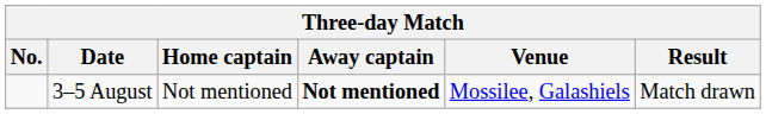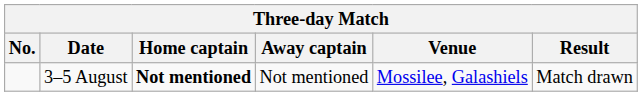 <table class="wikitable">
 <tr>
 <th colspan="9">Three-day Match</th>
 </tr>
 <tr>
 <th>No.</th>
 <th>Date</th>
 <th>Home captain</th>
 <th>Away captain</th>
 <th>Venue</th>
 <th>Result</th>
 </tr>
 <tr>
 <td></td>
 <td>3–5 August</td>
+<td><strong>Not mentioned</strong></td>
 <td>Not mentioned</td>
-<td><strong>Not mentioned</strong></td>
 <td><a href='#'>Mossilee</a>, <a href='#'>Galashiels</a></td>
 <td>Match drawn</td>
 </tr>
 </table>
